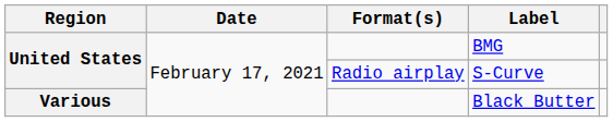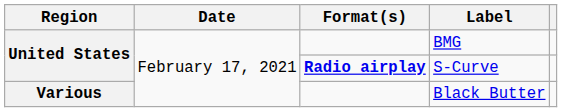 <table class="wikitable plainrowheaders">
 <tr>
 <th scope="col">Region</th>
 <th scope="col">Date</th>
 <th scope="col">Format(s)</th>
 <th scope="col">Label</th>
 <th scope="col"></th>
 </tr>
 <tr>
 <th scope="row" rowspan="2">United States</th>
 <td rowspan="3">February 17, 2021</td>
 <td></td>
 <td><a href='#'>BMG</a></td>
 <td style="text-align:center;"></td>
 </tr>
 <tr>
-<td><a href='#'>Radio airplay</a></td>
+<td><strong><a href='#'>Radio airplay</a></strong></td>
 <td><a href='#'>S-Curve</a></td>
 <td style="text-align:center;"></td>
 </tr>
 <tr>
 <th scope="row">Various</th>
 <td></td>
 <td><a href='#'>Black Butter</a></td>
 <td style="text-align:center;"></td>
 </tr>
 </table>
